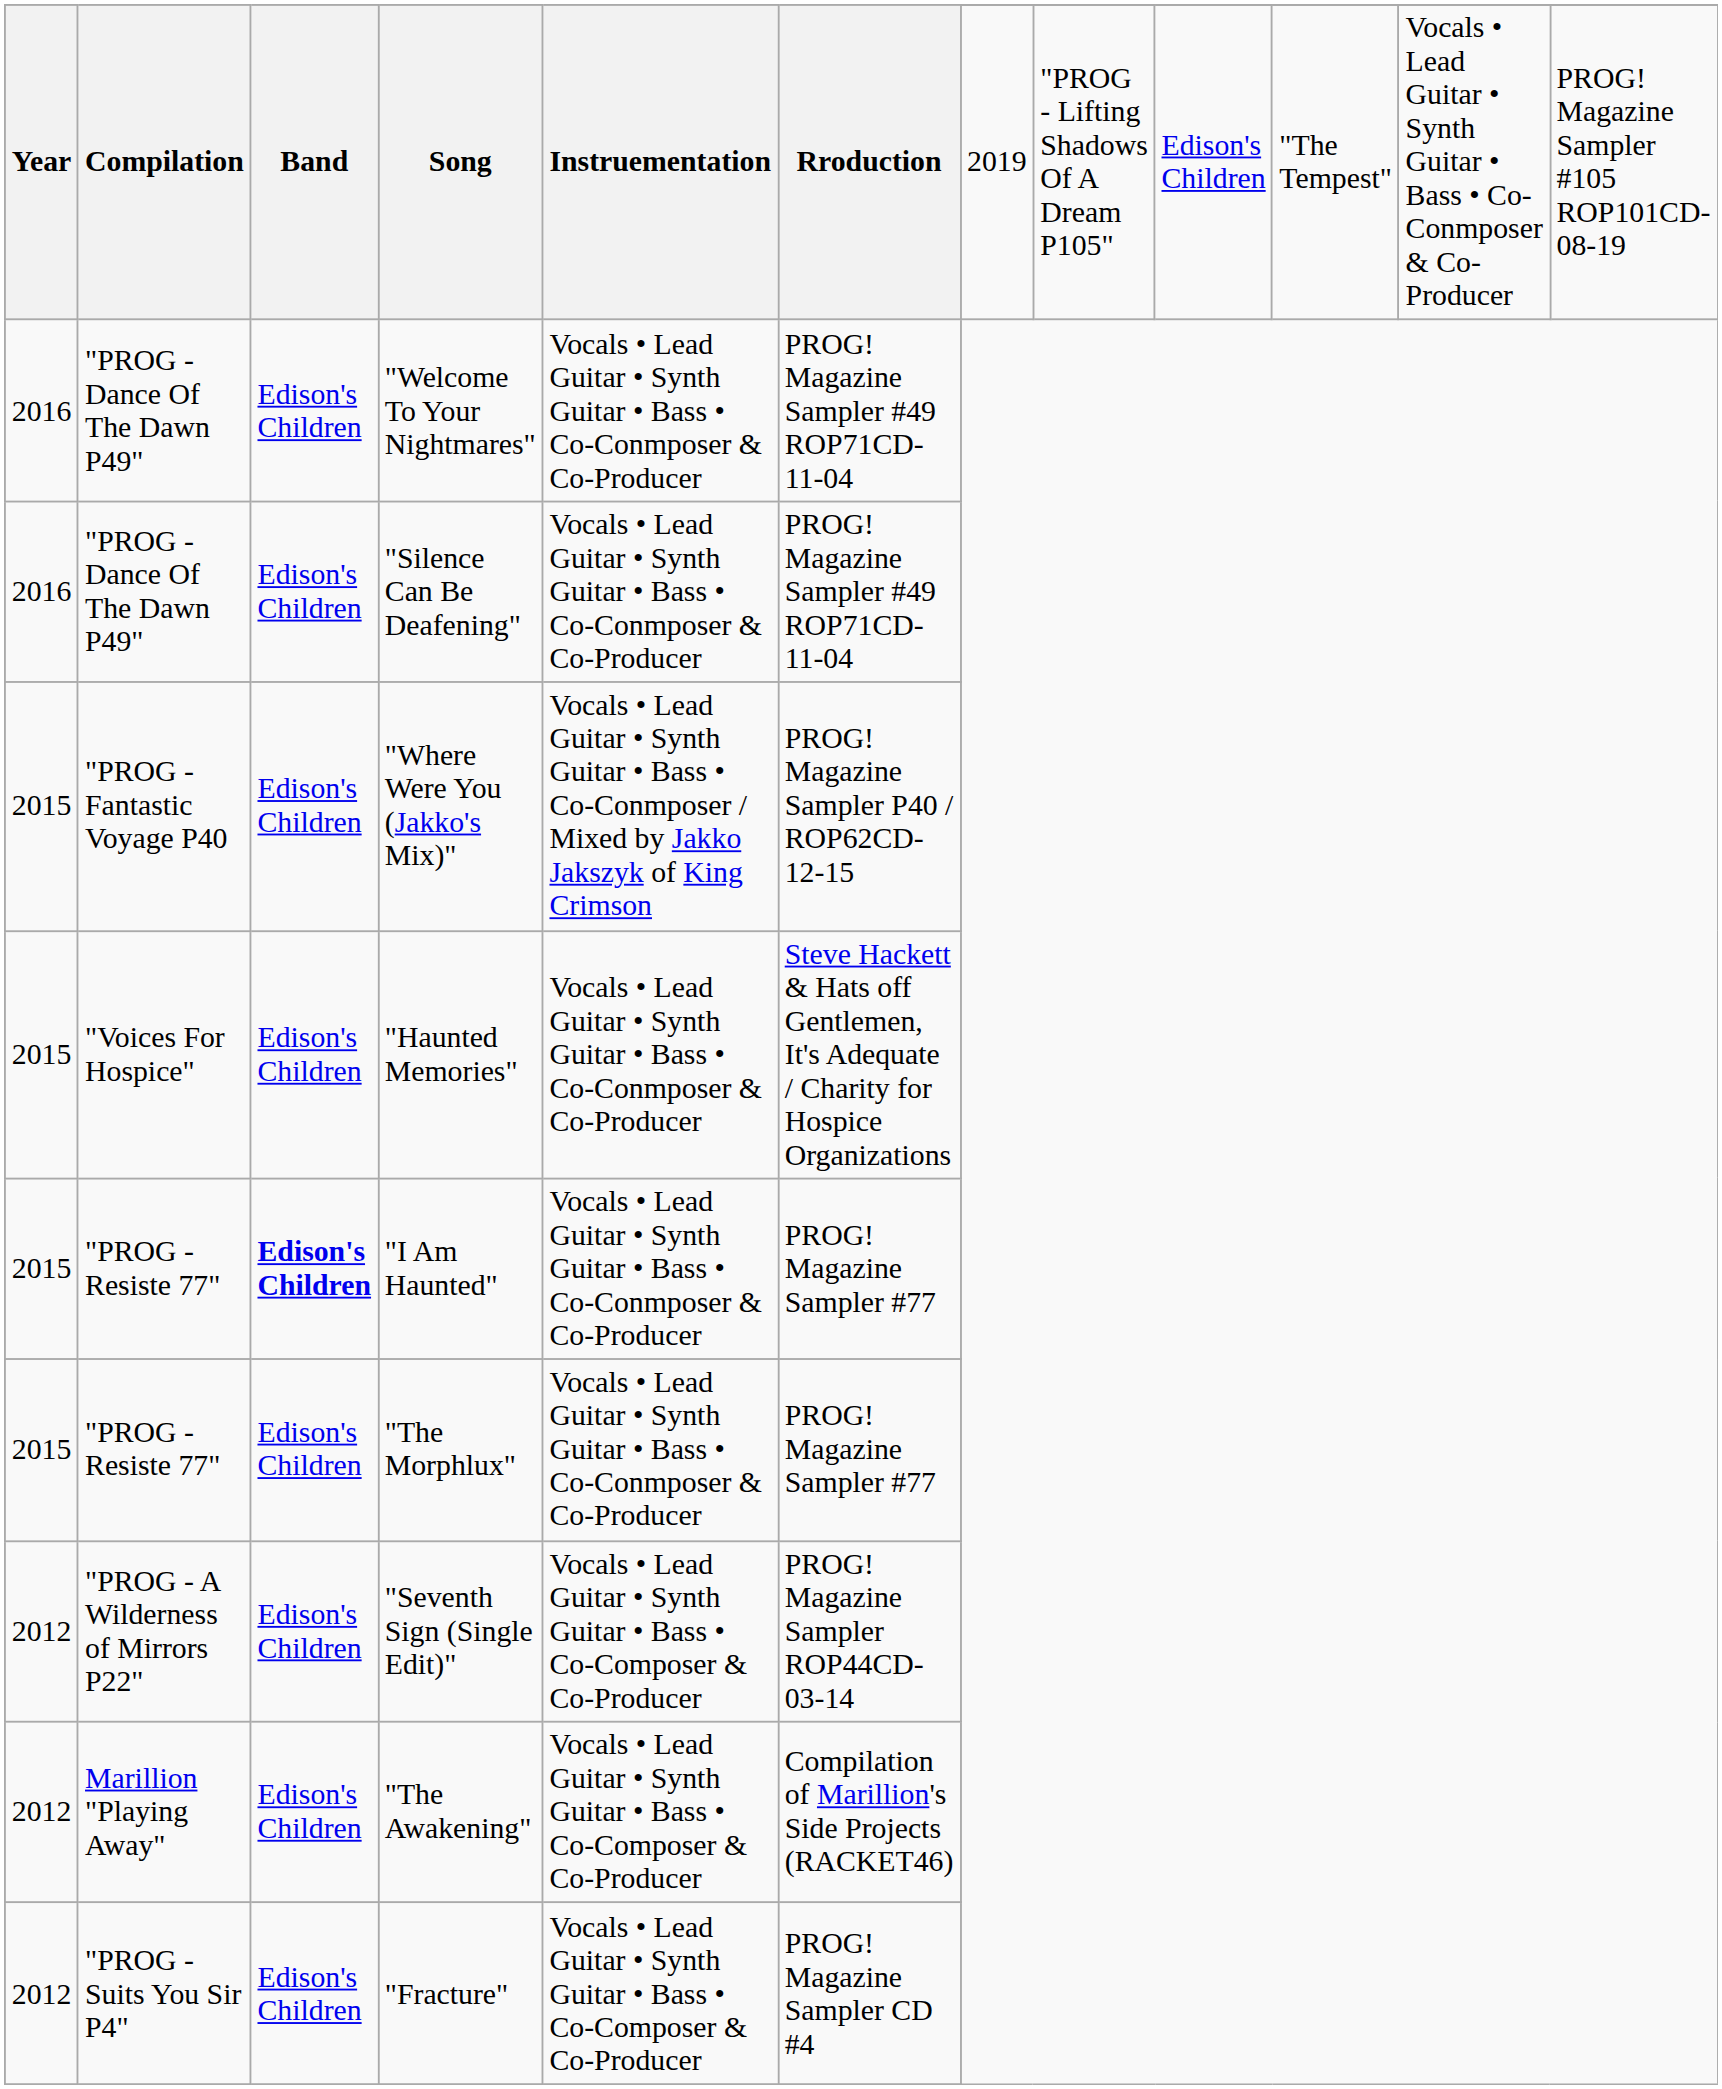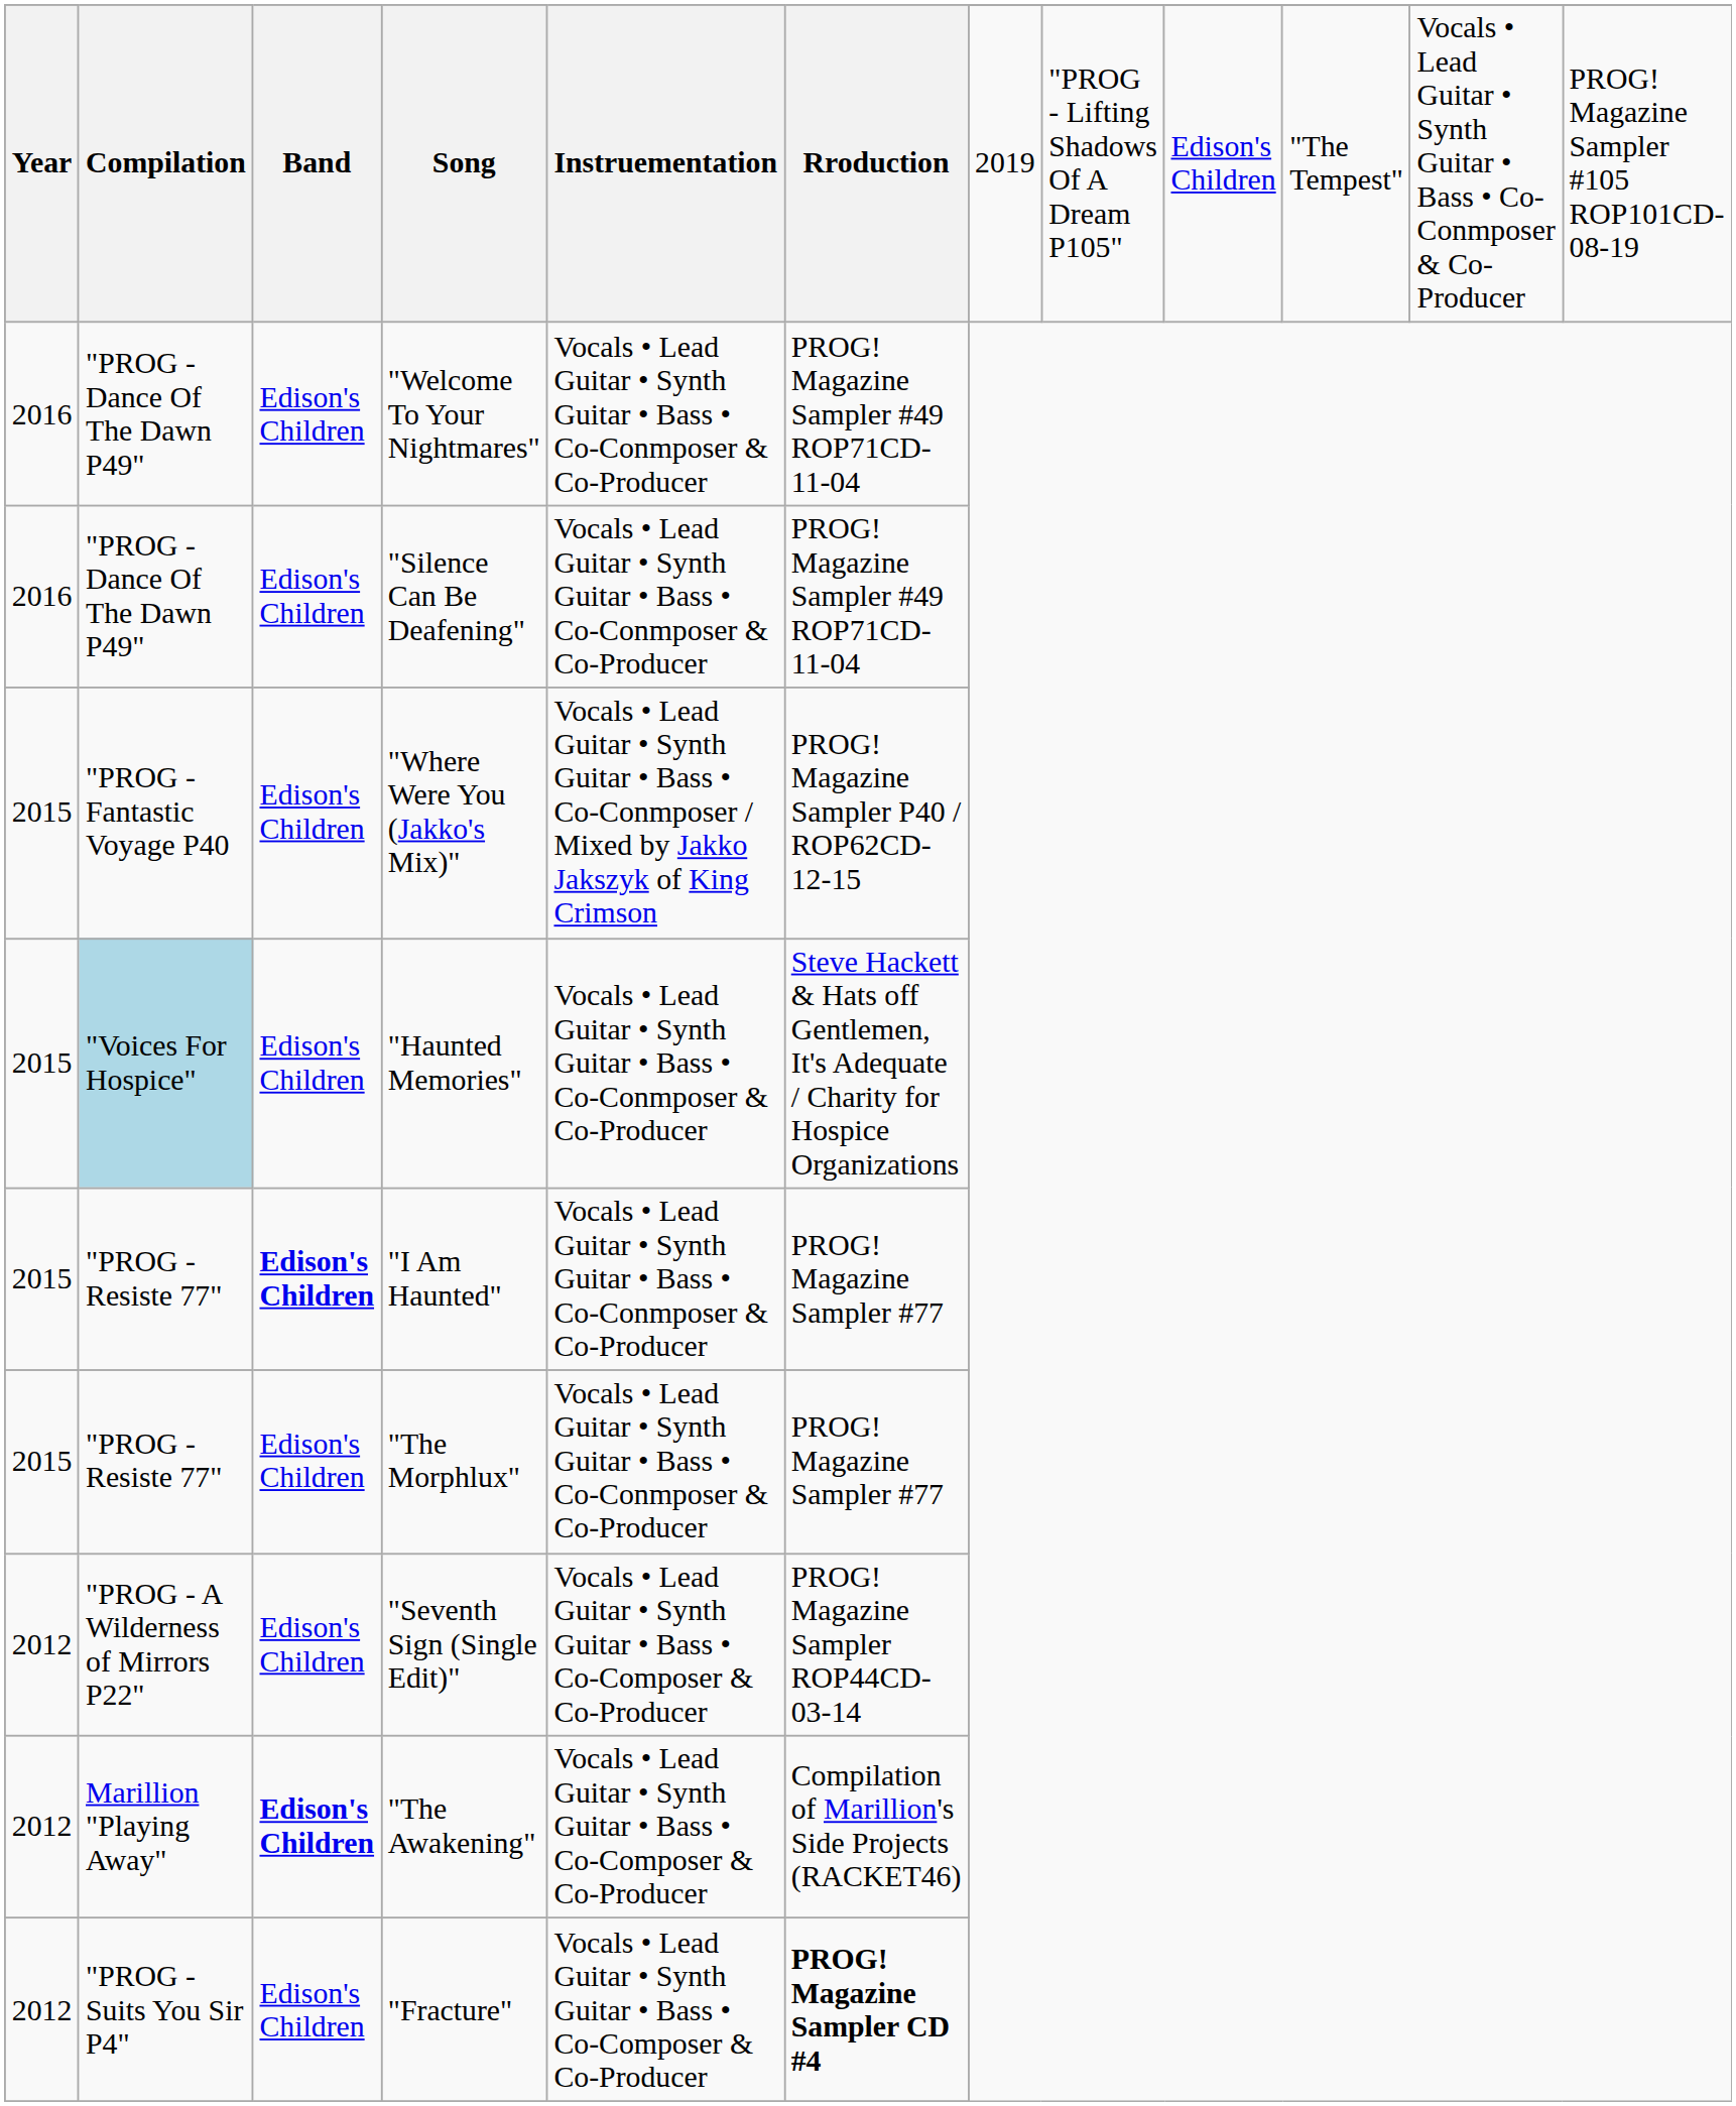 <table class="wikitable sortable">
 <tr>
 <th rowspan="2" style="width:1em;">Year</th>
 <th rowspan="2" style="width:50em;">Compilation</th>
 <th rowspan="2" style="width:50em;">Band</th>
 <th rowspan="2" style="width:140em;">Song</th>
 <th rowspan="2" style="width:40em;">Instruementation</th>
 <th rowspan="2" style="width:40em;">Rroduction</th>
 </tr>
 <tr>
 <td>2019</td>
 <td>"PROG - Lifting Shadows Of A Dream P105"</td>
 <td><a href='#'>Edison's Children</a></td>
 <td>"The Tempest"</td>
 <td>Vocals • Lead Guitar • Synth Guitar • Bass • Co-Conmposer & Co-Producer</td>
 <td>PROG! Magazine Sampler #105 ROP101CD-08-19</td>
 </tr>
 <tr>
 <td>2016</td>
 <td>"PROG - Dance Of The Dawn P49"</td>
 <td><a href='#'>Edison's Children</a></td>
 <td>"Welcome To Your Nightmares"</td>
 <td>Vocals • Lead Guitar • Synth Guitar • Bass • Co-Conmposer & Co-Producer</td>
 <td>PROG! Magazine Sampler #49 ROP71CD-11-04</td>
 </tr>
 <tr>
 <td>2016</td>
 <td>"PROG - Dance Of The Dawn P49"</td>
 <td><a href='#'>Edison's Children</a></td>
 <td>"Silence Can Be Deafening"</td>
 <td>Vocals • Lead Guitar • Synth Guitar • Bass • Co-Conmposer & Co-Producer</td>
 <td>PROG! Magazine Sampler #49 ROP71CD-11-04</td>
 </tr>
 <tr>
 <td>2015</td>
 <td>"PROG - Fantastic Voyage P40</td>
 <td><a href='#'>Edison's Children</a></td>
 <td>"Where Were You (<a href='#'>Jakko's</a> Mix)"</td>
 <td>Vocals • Lead Guitar • Synth Guitar • Bass • Co-Conmposer / Mixed by <a href='#'>Jakko Jakszyk</a> of <a href='#'>King Crimson</a></td>
 <td>PROG! Magazine Sampler P40 / ROP62CD-12-15</td>
 </tr>
 <tr>
 <td>2015</td>
-<td>"Voices For Hospice"</td>
+<td style="background: lightblue;">"Voices For Hospice"</td>
 <td><a href='#'>Edison's Children</a></td>
 <td>"Haunted Memories"</td>
 <td>Vocals • Lead Guitar • Synth Guitar • Bass • Co-Conmposer & Co-Producer</td>
 <td><a href='#'>Steve Hackett</a> & Hats off Gentlemen, It's Adequate / Charity for Hospice Organizations</td>
 </tr>
 <tr>
 <td>2015</td>
 <td>"PROG - Resiste 77"</td>
 <td><strong><a href='#'>Edison's Children</a></strong></td>
 <td>"I Am Haunted"</td>
 <td>Vocals • Lead Guitar • Synth Guitar • Bass • Co-Conmposer & Co-Producer</td>
 <td>PROG! Magazine Sampler #77</td>
 </tr>
 <tr>
 <td>2015</td>
 <td>"PROG - Resiste 77"</td>
 <td><a href='#'>Edison's Children</a></td>
 <td>"The Morphlux"</td>
 <td>Vocals • Lead Guitar • Synth Guitar • Bass • Co-Conmposer & Co-Producer</td>
 <td>PROG! Magazine Sampler #77</td>
 </tr>
 <tr>
 <td>2012</td>
 <td>"PROG - A Wilderness of Mirrors P22"</td>
 <td><a href='#'>Edison's Children</a></td>
 <td>"Seventh Sign (Single Edit)"</td>
 <td>Vocals • Lead Guitar • Synth Guitar • Bass • Co-Composer & Co-Producer</td>
 <td>PROG! Magazine Sampler ROP44CD-03-14</td>
 </tr>
 <tr>
 <td>2012</td>
 <td><a href='#'>Marillion</a> "Playing Away"</td>
-<td><a href='#'>Edison's Children</a></td>
+<td><strong><a href='#'>Edison's Children</a></strong></td>
 <td>"The Awakening"</td>
 <td>Vocals • Lead Guitar • Synth Guitar • Bass • Co-Composer & Co-Producer</td>
 <td>Compilation of <a href='#'>Marillion</a>'s Side Projects (RACKET46)</td>
 </tr>
 <tr>
 <td>2012</td>
 <td>"PROG - Suits You Sir P4"</td>
 <td><a href='#'>Edison's Children</a></td>
 <td>"Fracture"</td>
 <td>Vocals • Lead Guitar • Synth Guitar • Bass • Co-Composer & Co-Producer</td>
-<td>PROG! Magazine Sampler CD #4</td>
+<td><strong>PROG! Magazine Sampler CD #4</strong></td>
 </tr>
 <tr>
 </tr>
 </table>
